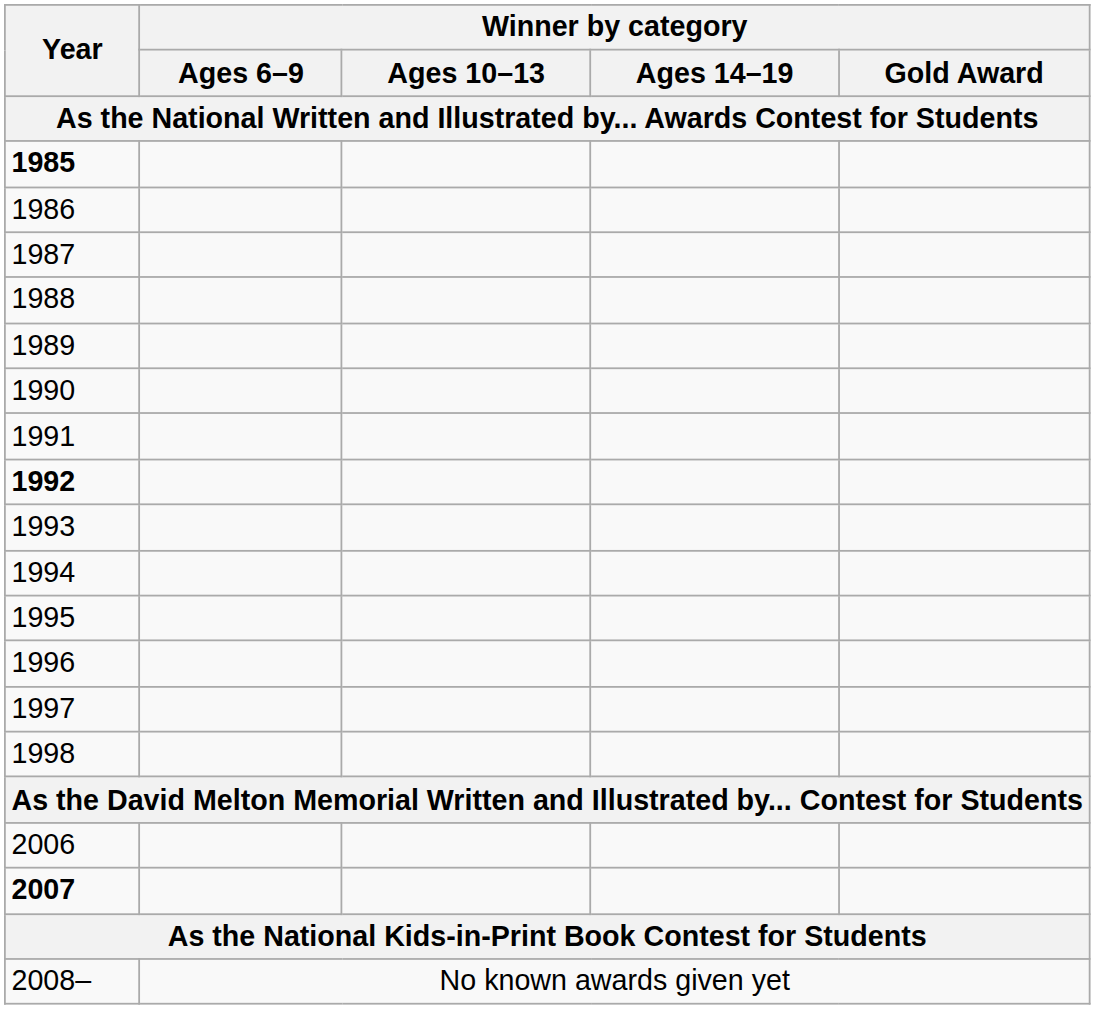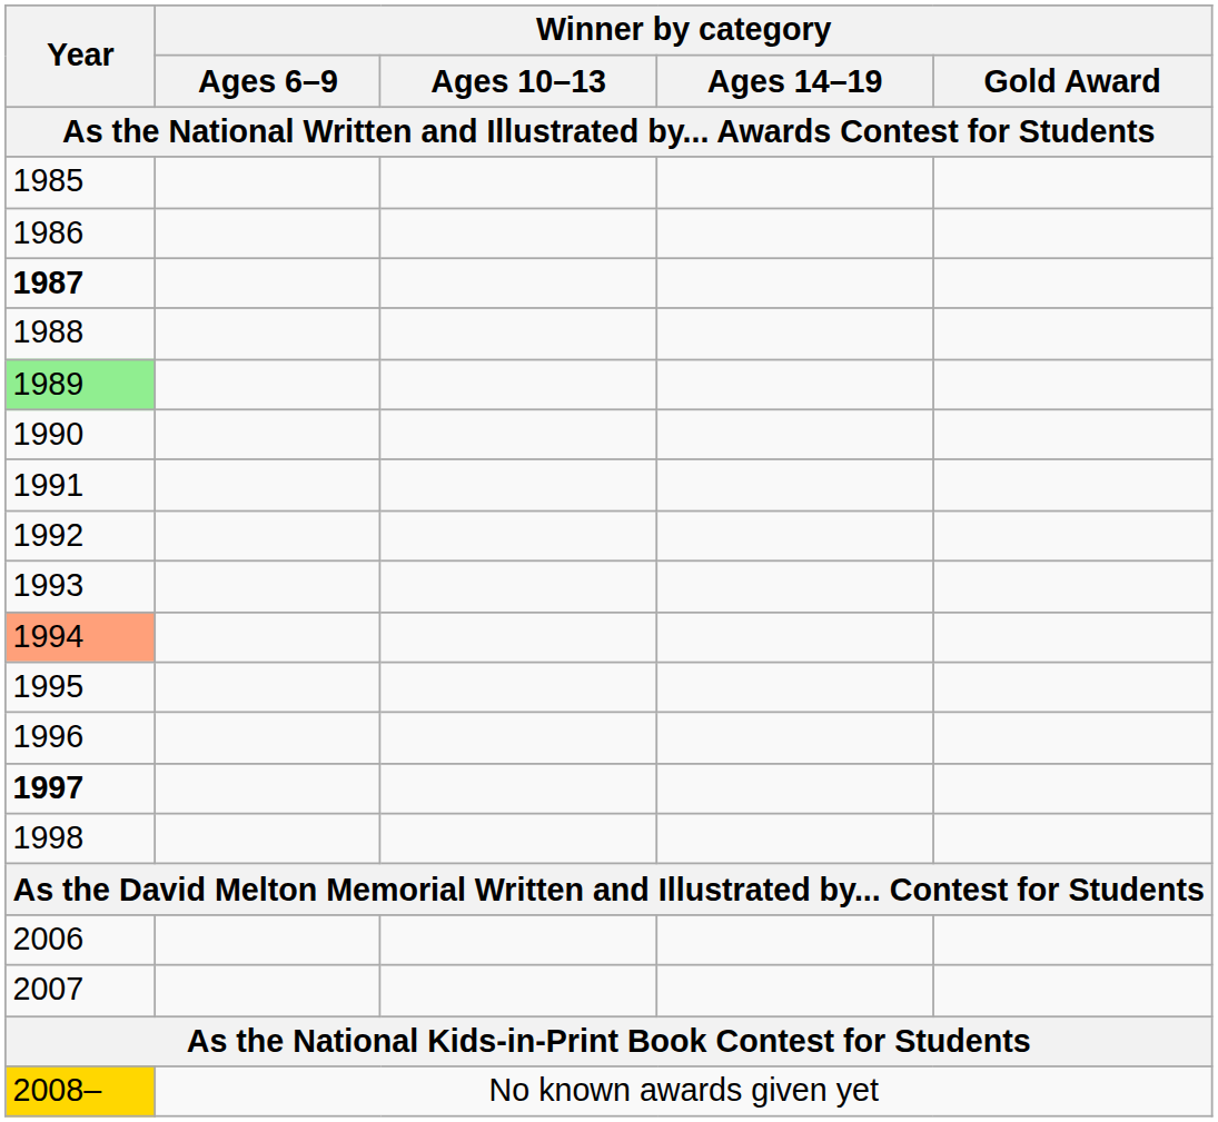 <table class="wikitable">
 <tr>
 <th rowspan="2">Year</th>
 <th colspan="4">Winner by category</th>
 </tr>
 <tr>
 <th>Ages 6–9</th>
 <th>Ages 10–13</th>
 <th>Ages 14–19</th>
 <th>Gold Award</th>
 </tr>
 <tr>
 <th colspan="5">As the National Written and Illustrated by... Awards Contest for Students</th>
 </tr>
 <tr>
-<td><strong>1985</strong></td>
+<td>1985</td>
 <td></td>
 <td></td>
 <td></td>
 <td></td>
 </tr>
 <tr>
 <td>1986</td>
 <td></td>
 <td></td>
 <td></td>
 <td></td>
 </tr>
 <tr>
-<td>1987</td>
+<td><strong>1987</strong></td>
 <td></td>
 <td></td>
 <td></td>
 <td></td>
 </tr>
 <tr>
 <td>1988</td>
 <td></td>
 <td></td>
 <td></td>
 <td></td>
 </tr>
 <tr>
-<td>1989</td>
+<td style="background: lightgreen;">1989</td>
 <td></td>
 <td></td>
 <td></td>
 <td></td>
 </tr>
 <tr>
 <td>1990</td>
 <td></td>
 <td></td>
 <td></td>
 <td></td>
 </tr>
 <tr>
 <td>1991</td>
 <td></td>
 <td></td>
 <td></td>
 <td></td>
 </tr>
 <tr>
-<td><strong>1992</strong></td>
+<td>1992</td>
 <td></td>
 <td></td>
 <td></td>
 <td></td>
 </tr>
 <tr>
 <td>1993</td>
 <td></td>
 <td></td>
 <td></td>
 <td></td>
 </tr>
 <tr>
-<td>1994</td>
+<td style="background: lightsalmon;">1994</td>
 <td></td>
 <td></td>
 <td></td>
 <td></td>
 </tr>
 <tr>
 <td>1995</td>
 <td></td>
 <td></td>
 <td></td>
 <td></td>
 </tr>
 <tr>
 <td>1996</td>
 <td></td>
 <td></td>
 <td></td>
 <td></td>
 </tr>
 <tr>
-<td>1997</td>
+<td><strong>1997</strong></td>
 <td></td>
 <td></td>
 <td></td>
 <td></td>
 </tr>
 <tr>
 <td>1998</td>
 <td></td>
 <td></td>
 <td><br></td>
 <td></td>
 </tr>
 <tr>
 <th colspan="5">As the David Melton Memorial Written and Illustrated by... Contest for Students</th>
 </tr>
 <tr>
 <td>2006</td>
 <td></td>
 <td></td>
 <td></td>
 <td></td>
 </tr>
 <tr>
-<td><strong>2007</strong></td>
+<td>2007</td>
 <td></td>
 <td></td>
 <td></td>
 <td></td>
 </tr>
 <tr>
 <th colspan="5">As the National Kids-in-Print Book Contest for Students</th>
 </tr>
 <tr>
-<td>2008–</td>
+<td style="background: gold;">2008–</td>
 <td colspan="4" style="text-align:center;">No known awards given yet</td>
 </tr>
 </table>
